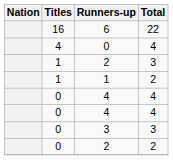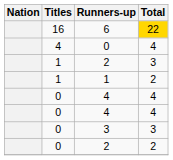 <table class="wikitable plainrowheaders sortable" style="text-align:center">
 <tr>
 <th scope="col">Nation</th>
 <th scope="col">Titles</th>
 <th scope="col">Runners-up</th>
 <th scope="col">Total</th>
 </tr>
 <tr>
 <th scope="row" style="text-align:left"></th>
 <td>16</td>
 <td>6</td>
-<td>22</td>
+<td style="background: gold;">22</td>
 </tr>
 <tr>
 <th scope="row" style="text-align:left"></th>
 <td>4</td>
 <td>0</td>
 <td>4</td>
 </tr>
 <tr>
 <th scope="row" style="text-align:left"></th>
 <td>1</td>
 <td>2</td>
 <td>3</td>
 </tr>
 <tr>
 <th scope="row" style="text-align:left"></th>
 <td>1</td>
 <td>1</td>
 <td>2</td>
 </tr>
 <tr>
 <th scope="row" style="text-align:left"></th>
 <td>0</td>
 <td>4</td>
 <td>4</td>
 </tr>
 <tr>
 <th scope="row" style="text-align:left"></th>
 <td>0</td>
 <td>4</td>
 <td>4</td>
 </tr>
 <tr>
 <th scope="row" style="text-align:left"></th>
 <td>0</td>
 <td>3</td>
 <td>3</td>
 </tr>
 <tr>
 <th scope="row" style="text-align:left"></th>
 <td>0</td>
 <td>2</td>
 <td>2</td>
 </tr>
 <tr>
 </tr>
 </table>
